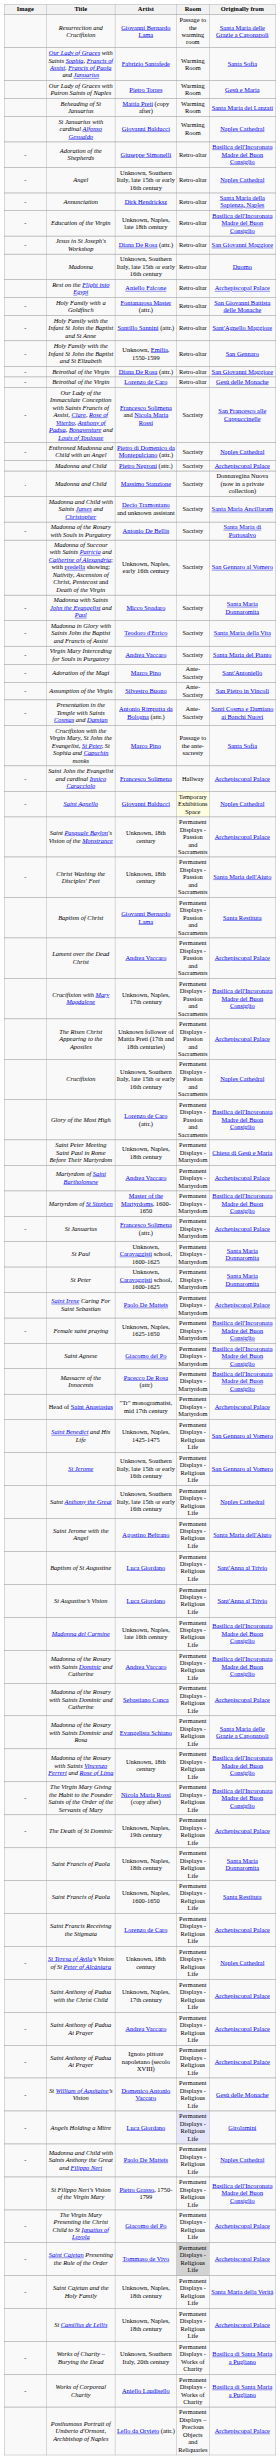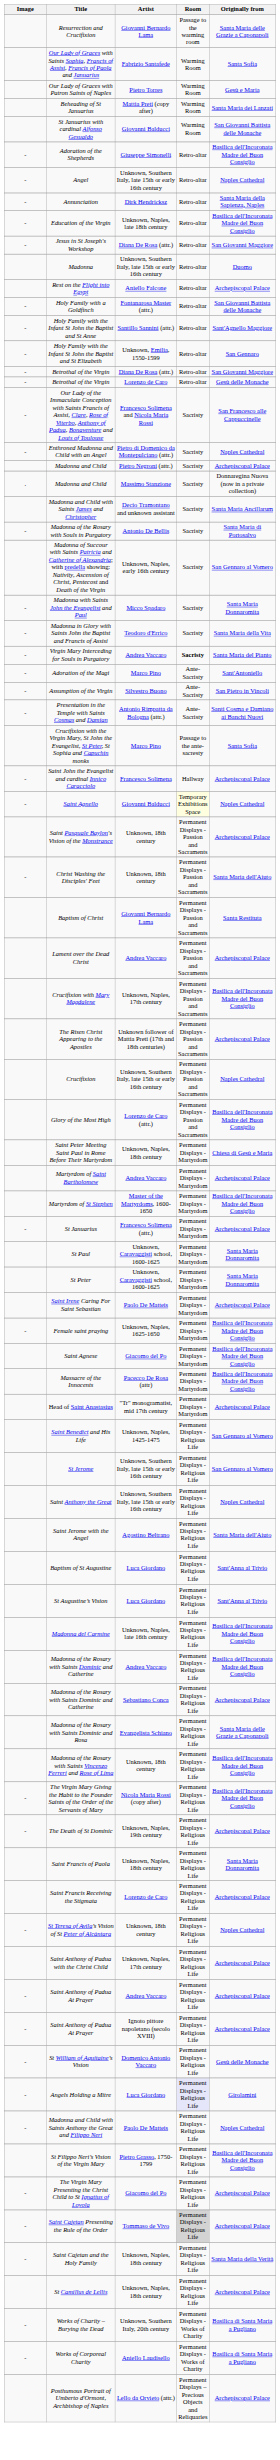 <table class="wikitable" width="99%" style="font-size:91%">
 <tr>
 <th width="16%">Image</th>
 <th width="26%">Title</th>
 <th width="23%">Artist</th>
 <th width="10">Room</th>
 <th width="25%">Originally from</th>
 </tr>
 <tr>
 </tr>
 <tr align=center>
 <td></td>
 <td><em>Resurrection and Crucifixion</em></td>
 <td><a href='#'>Giovanni Bernardo Lama</a></td>
 <td>Passage to the warming room</td>
 <td><a href='#'>Santa Maria delle Grazie a Caponapoli</a></td>
 </tr>
 <tr>
 </tr>
 <tr align=center>
 <td></td>
 <td><em><a href='#'>Our Lady of Graces</a> with Saints <a href='#'>Sophia</a>, <a href='#'>Francis of Assisi</a>, <a href='#'>Francis of Paola</a> and <a href='#'>Januarius</a></em></td>
 <td><a href='#'>Fabrizio Santafede</a></td>
 <td>Warming Room</td>
 <td><a href='#'>Santa Sofia</a></td>
 </tr>
 <tr>
 </tr>
 <tr align=center>
 <td></td>
 <td><em>Our Lady of Graces with Patron Saints of Naples</em></td>
 <td><a href='#'>Pietro Torres</a></td>
 <td>Warming Room</td>
 <td><a href='#'>Gesù e Maria</a></td>
 </tr>
 <tr>
 </tr>
 <tr align=center>
 <td></td>
 <td><em>Beheading of St Januarius</em></td>
 <td><a href='#'>Mattia Preti</a> (copy after)</td>
 <td>Warming Room</td>
 <td><a href='#'>Santa Maria dei Lanzati</a></td>
 </tr>
 <tr>
 </tr>
 <tr align=center>
 <td></td>
 <td><em>St Januarius with cardinal <a href='#'>Alfonso Gesualdo</a></em></td>
 <td><a href='#'>Giovanni Balducci</a></td>
 <td>Warming Room</td>
-<td><a href='#'>Naples Cathedral</a></td>
+<td><a href='#'>San Giovanni Battista delle Monache</a></td>
 </tr>
 <tr>
 </tr>
 <tr align=center>
 <td>-</td>
 <td><em>Adoration of the Shepherds</em></td>
 <td><a href='#'>Giuseppe Simonelli</a></td>
 <td>Retro-altar</td>
 <td><a href='#'>Basilica dell'Incoronata Madre del Buon Consiglio</a></td>
 </tr>
 <tr>
 </tr>
 <tr align=center>
 <td>-</td>
 <td><em>Angel</em></td>
 <td>Unknown, Southern Italy, late 15th or early 16th century</td>
 <td>Retro-altar</td>
 <td><a href='#'>Naples Cathedral</a></td>
 </tr>
 <tr>
 </tr>
 <tr align=center>
 <td>-</td>
 <td><em>Annunciation</em></td>
 <td><a href='#'>Dirk Hendricksz</a></td>
 <td>Retro-altar</td>
 <td><a href='#'>Santa Maria della Sapienza, Naples</a></td>
 </tr>
 <tr>
 </tr>
 <tr align=center>
 <td>-</td>
 <td><em>Education of the Virgin</em></td>
 <td>Unknown, Naples, late 18th century</td>
 <td>Retro-altar</td>
 <td><a href='#'>Basilica dell'Incoronata Madre del Buon Consiglio</a></td>
 </tr>
 <tr>
 </tr>
 <tr align=center>
 <td>-</td>
 <td><em>Jesus in St Joseph's Workshop</em></td>
 <td><a href='#'>Diana De Rosa</a> (attr.)</td>
 <td>Retro-altar</td>
 <td><a href='#'>San Giovanni Maggiore</a></td>
 </tr>
 <tr>
 </tr>
 <tr align=center>
 <td></td>
 <td><em>Madonna</em></td>
 <td>Unknown, Southern Italy, late 15th or early 16th century</td>
 <td>Retro-altar</td>
 <td><a href='#'>Duomo</a></td>
 </tr>
 <tr>
 </tr>
 <tr align=center>
 <td></td>
 <td><em>Rest on the <a href='#'>Flight into Egypt</a></em></td>
 <td><a href='#'>Aniello Falcone</a></td>
 <td>Retro-altar</td>
 <td><a href='#'>Archepiscopal Palace</a></td>
 </tr>
 <tr>
 </tr>
 <tr align=center>
 <td>-</td>
 <td><em>Holy Family with a Goldfinch</em></td>
 <td><a href='#'>Fontanarosa Master</a> (attr.)</td>
 <td>Retro-altar</td>
 <td><a href='#'>San Giovanni Battista delle Monache</a></td>
 </tr>
 <tr>
 </tr>
 <tr align=center>
 <td>-</td>
 <td><em>Holy Family with the Infant St John the Baptist and St Anne</em></td>
 <td><a href='#'>Santillo Sannini</a> (attr.)</td>
 <td>Retro-altar</td>
 <td><a href='#'>Sant'Agnello Maggiore</a></td>
 </tr>
 <tr>
 </tr>
 <tr align=center>
 <td>-</td>
 <td><em>Holy Family with the Infant St John the Baptist and St Elizabeth</em></td>
 <td>Unknown, <a href='#'>Emilia</a>, 1550-1599</td>
 <td>Retro-altar</td>
 <td><a href='#'>San Gennaro</a></td>
 </tr>
 <tr>
 </tr>
 <tr align=center>
 <td>-</td>
 <td><em>Betrothal of the Virgin</em></td>
 <td><a href='#'>Diana De Rosa</a> (attr.)</td>
 <td>Retro-altar</td>
 <td><a href='#'>San Giovanni Maggiore</a></td>
 </tr>
 <tr>
 </tr>
 <tr align=center>
 <td>-</td>
 <td><em>Betrothal of the Virgin</em></td>
 <td><a href='#'>Lorenzo de Caro</a></td>
 <td>Retro-altar</td>
 <td><a href='#'>Gesù delle Monache</a></td>
 </tr>
 <tr>
 </tr>
 <tr align=center>
 <td>-</td>
 <td><em>Our Lady of the Immaculate Conception with Saints Francis of Assisi, <a href='#'>Clare</a>, <a href='#'>Rose of Viterbo</a>, <a href='#'>Anthony of Padua</a>, <a href='#'>Bonaventure</a> and <a href='#'>Louis of Toulouse</a></em></td>
 <td><a href='#'>Francesco Solimena</a> and <a href='#'>Nicola Maria Rossi</a></td>
 <td>Sacristy</td>
 <td><a href='#'>San Francesco alle Cappuccinelle</a></td>
 </tr>
 <tr>
 </tr>
 <tr align=center>
 <td>-</td>
 <td><em>Enthroned Madonna and Child with an Angel</em></td>
 <td><a href='#'>Pietro di Domenico da Montepulciano</a> (attr.)</td>
 <td>Sacristy</td>
 <td><a href='#'>Naples Cathedral</a></td>
 </tr>
 <tr>
 </tr>
 <tr align=center>
 <td></td>
 <td><em>Madonna and Child</em></td>
 <td><a href='#'>Pietro Negroni</a> (attr.)</td>
 <td>Sacristy</td>
 <td><a href='#'>Archepiscopal Palace</a></td>
 </tr>
 <tr>
 </tr>
 <tr align=center>
 <td>.</td>
 <td><em>Madonna and Child</em></td>
 <td><a href='#'>Massimo Stanzione</a></td>
 <td>Sacristy</td>
 <td>Donnaregina Nuova (now in a private collection)</td>
 </tr>
 <tr>
 </tr>
 <tr align=center>
 <td></td>
 <td><em>Madonna and Child with Saints <a href='#'>James</a> and <a href='#'>Christopher</a></em></td>
 <td><a href='#'>Decio Tramontano</a> and unknown assistant</td>
 <td>Sacristy</td>
 <td><a href='#'>Santa Maria Ancillarum</a></td>
 </tr>
 <tr>
 </tr>
 <tr align=center>
 <td>-</td>
 <td><em>Madonna of the Rosary with Souls in Purgatory</em></td>
 <td><a href='#'>Antonio De Bellis</a></td>
 <td>Sacristy</td>
 <td><a href='#'>Santa Maria di Portosalvo</a></td>
 </tr>
 <tr>
 </tr>
 <tr align=center>
 <td></td>
 <td><em>Madonna of Succour with Saints <a href='#'>Patricia</a> and <a href='#'>Catherine of Alexandria</a></em>; with <a href='#'>predella</a> showing: <em>Nativity</em>, <em>Ascension of Christ</em>, <em>Pentecost</em> and <em>Death of the Virgin</em></td>
 <td>Unknown, Naples, early 16th century</td>
 <td>Sacristy</td>
 <td><a href='#'>San Gennaro al Vomero</a></td>
 </tr>
 <tr>
 </tr>
 <tr align=center>
 <td>-</td>
 <td><em>Madonna with Saints <a href='#'>John the Evangelist</a> and <a href='#'>Paul</a></em></td>
 <td><a href='#'>Micco Spadaro</a></td>
 <td>Sacristy</td>
 <td><a href='#'>Santa Maria Donnaromita</a></td>
 </tr>
 <tr>
 </tr>
 <tr align=center>
 <td>-</td>
 <td><em>Madonna in Glory with Saints John the Baptist and Francis of Assisi</em></td>
 <td><a href='#'>Teodoro d'Errico</a></td>
 <td>Sacristy</td>
 <td><a href='#'>Santa Maria della Vita</a></td>
 </tr>
 <tr>
 </tr>
 <tr align=center>
 <td>-</td>
 <td><em>Virgin Mary Interceding for Souls in Purgatory</em></td>
 <td><a href='#'>Andrea Vaccaro</a></td>
-<td>Sacristy</td>
+<td><strong>Sacristy</strong></td>
 <td><a href='#'>Santa Maria del Pianto</a></td>
 </tr>
 <tr>
 </tr>
 <tr align=center>
 <td>-</td>
 <td><em>Adoration of the Magi</em></td>
 <td><a href='#'>Marco Pino</a></td>
 <td>Ante-Sacristy</td>
 <td><a href='#'>Sant'Antoniello</a></td>
 </tr>
 <tr>
 </tr>
 <tr align=center>
 <td>-</td>
 <td><em>Assumption of the Virgin</em></td>
 <td><a href='#'>Silvestro Buono</a></td>
 <td>Ante-Sacristy</td>
 <td><a href='#'>San Pietro in Vincoli</a></td>
 </tr>
 <tr>
 </tr>
 <tr align=center>
 <td>-</td>
 <td><em>Presentation in the Temple with Saints <a href='#'>Cosmas</a> and <a href='#'>Damian</a></em></td>
 <td><a href='#'>Antonio Rimpatta da Bologna</a> (attr.)</td>
 <td>Ante-Sacristy</td>
 <td><a href='#'>Santi Cosma e Damiano ai Banchi Nuovi</a></td>
 </tr>
 <tr>
 </tr>
 <tr align=center>
 <td></td>
 <td><em>Crucifixion with the Virgin Mary, St John the Evangelist, <a href='#'>St Peter</a>, St Sophia and <a href='#'>Capuchin</a> monks</em></td>
 <td><a href='#'>Marco Pino</a></td>
 <td>Passage to the ante-sacresty</td>
 <td><a href='#'>Santa Sofia</a></td>
 </tr>
 <tr>
 </tr>
 <tr align=center>
 <td>-</td>
 <td><em>Saint John the Evangelist and cardinal <a href='#'>Innico Caracciolo</a></em></td>
 <td><a href='#'>Francesco Solimena</a></td>
 <td>Hallway</td>
 <td><a href='#'>Archepiscopal Palace</a></td>
 </tr>
 <tr>
 </tr>
 <tr align=center>
 <td>-</td>
 <td><em><a href='#'>Saint Agnello</a></em></td>
 <td><a href='#'>Giovanni Balducci</a></td>
 <td style="background: lightyellow;">Temporary Exhibitions Space</td>
 <td><a href='#'>Naples Cathedral</a></td>
 </tr>
 <tr>
 </tr>
 <tr align=center>
 <td></td>
 <td><em>Saint <a href='#'>Pasquale Baylon</a>'s Vision of the <a href='#'>Monstrance</a></em></td>
 <td>Unknown, 18th century</td>
 <td>Permanent Displays - Passion and Sacraments</td>
 <td><a href='#'>Archepiscopal Palace</a></td>
 </tr>
 <tr>
 </tr>
 <tr align=center>
 <td>-</td>
 <td><em>Christ Washing the Disciples' Feet</em></td>
 <td>Unknown, 18th century</td>
 <td>Permanent Displays - Passion and Sacraments</td>
 <td><a href='#'>Santa Maria dell'Aiuto</a></td>
 </tr>
 <tr>
 </tr>
 <tr align=center>
 <td></td>
 <td><em>Baptism of Christ</em></td>
 <td><a href='#'>Giovanni Bernardo Lama</a></td>
 <td>Permanent Displays - Passion and Sacraments</td>
 <td><a href='#'>Santa Restituta</a></td>
 </tr>
 <tr>
 </tr>
 <tr align=center>
 <td></td>
 <td><em>Lament over the Dead Christ</em></td>
 <td><a href='#'>Andrea Vaccaro</a></td>
 <td>Permanent Displays - Passion and Sacraments</td>
 <td><a href='#'>Archepiscopal Palace</a></td>
 </tr>
 <tr>
 </tr>
 <tr align=center>
 <td></td>
 <td><em>Crucifixion with <a href='#'>Mary Magdalene</a></em></td>
 <td>Unknown, Naples, 17th century</td>
 <td>Permanent Displays - Passion and Sacraments</td>
 <td><a href='#'>Basilica dell'Incoronata Madre del Buon Consiglio</a></td>
 </tr>
 <tr>
 </tr>
 <tr align=center>
 <td></td>
 <td><em>The Risen Christ Appearing to the Apostles</em></td>
 <td>Unknown follower of Mattia Preti (17th and 18th centuries)</td>
 <td>Permanent Displays - Passion and Sacraments</td>
 <td><a href='#'>Archepiscopal Palace</a></td>
 </tr>
 <tr>
 </tr>
 <tr align=center>
 <td></td>
 <td><em>Crucifixion</em></td>
 <td>Unknown, Southern Italy, late 15th or early 16th century</td>
 <td>Permanent Displays - Passion and Sacraments</td>
 <td><a href='#'>Naples Cathedral</a></td>
 </tr>
 <tr>
 </tr>
 <tr align=center>
 <td></td>
 <td><em>Glory of the Most High</em></td>
 <td><a href='#'>Lorenzo de Caro</a> (attr.)</td>
 <td>Permanent Displays - Passion and Sacraments</td>
 <td><a href='#'>Basilica dell'Incoronata Madre del Buon Consiglio</a></td>
 </tr>
 <tr>
 </tr>
 <tr align=center>
 <td></td>
 <td><em>Saint Peter Meeting Saint Paul in Rome Before Their Martyrdom</em></td>
 <td>Unknown, Naples, 18th century</td>
 <td>Permanent Displays - Martyrdom</td>
 <td><a href='#'>Chiesa di Gesù e Maria</a></td>
 </tr>
 <tr>
 </tr>
 <tr align=center>
 <td></td>
 <td><em>Martyrdom of <a href='#'>Saint Bartholomew</a></em></td>
 <td><a href='#'>Andrea Vaccaro</a></td>
 <td>Permanent Displays - Martyrdom</td>
 <td><a href='#'>Archepiscopal Palace</a></td>
 </tr>
 <tr>
 </tr>
 <tr align=center>
 <td></td>
 <td><em>Martyrdom of <a href='#'>St Stephen</a></em></td>
 <td><a href='#'>Master of the Martyrdoms</a>, 1600-1650</td>
 <td>Permanent Displays - Martyrdom</td>
 <td><a href='#'>Basilica dell'Incoronata Madre del Buon Consiglio</a></td>
 </tr>
 <tr>
 </tr>
 <tr align=center>
 <td>-</td>
 <td><em>St Januarius</em></td>
 <td><a href='#'>Francesco Solimena</a> (attr.)</td>
 <td>Permanent Displays - Martyrdom</td>
 <td><a href='#'>Archepiscopal Palace</a></td>
 </tr>
 <tr>
 </tr>
 <tr align=center>
 <td></td>
 <td><em>St Paul</em></td>
 <td>Unknown, <a href='#'>Caravaggisti</a> school, 1600-1625</td>
 <td>Permanent Displays - Martyrdom</td>
 <td><a href='#'>Santa Maria Donnaromita</a></td>
 </tr>
 <tr>
 </tr>
 <tr align=center>
 <td></td>
 <td><em>St Peter</em></td>
 <td>Unknown, <a href='#'>Caravaggisti</a> school, 1600-1625</td>
 <td>Permanent Displays - Martyrdom</td>
 <td><a href='#'>Santa Maria Donnaromita</a></td>
 </tr>
 <tr>
 </tr>
 <tr align=center>
 <td></td>
 <td><em><a href='#'>Saint Irene</a> Caring For Saint Sebastian</em></td>
 <td><a href='#'>Paolo De Matteis</a></td>
 <td>Permanent Displays - Martyrdom</td>
 <td><a href='#'>Archepiscopal Palace</a></td>
 </tr>
 <tr>
 </tr>
 <tr align=center>
 <td>-</td>
 <td><em>Female saint praying</em></td>
 <td>Unknown, Naples, 1625-1650</td>
 <td>Permanent Displays - Martyrdom</td>
 <td><a href='#'>Basilica dell'Incoronata Madre del Buon Consiglio</a></td>
 </tr>
 <tr>
 </tr>
 <tr align=center>
 <td></td>
 <td><em>Saint Agnese</em></td>
 <td><a href='#'>Giacomo del Po</a></td>
 <td>Permanent Displays - Martyrdom</td>
 <td><a href='#'>Basilica dell'Incoronata Madre del Buon Consiglio</a></td>
 </tr>
 <tr>
 </tr>
 <tr align=center>
 <td></td>
 <td><em>Massacre of the Innocents</em></td>
 <td><a href='#'>Pacecco De Rosa</a> (attr)</td>
 <td>Permanent Displays - Martyrdom</td>
 <td><a href='#'>Basilica dell'Incoronata Madre del Buon Consiglio</a></td>
 </tr>
 <tr>
 </tr>
 <tr align=center>
 <td></td>
 <td>Head of <a href='#'>Saint Anastasius</a></td>
 <td>"Tr" monogramatist, mid 17th century</td>
 <td>Permanent Displays - Martyrdom</td>
 <td><a href='#'>Archepiscopal Palace</a></td>
 </tr>
 <tr>
 </tr>
 <tr align=center>
 <td></td>
 <td><em><a href='#'>Saint Benedict</a> and His Life</em></td>
 <td>Unknown, Naples, 1425-1475</td>
 <td>Permanent Displays - Religious Life</td>
 <td><a href='#'>San Gennaro al Vomero</a></td>
 </tr>
 <tr>
 </tr>
 <tr align=center>
 <td></td>
 <td><em><a href='#'>St Jerome</a></em></td>
 <td>Unknown, Southern Italy, late 15th or early 16th century</td>
 <td>Permanent Displays - Religious Life</td>
 <td><a href='#'>San Gennaro al Vomero</a></td>
 </tr>
 <tr>
 </tr>
 <tr align=center>
 <td></td>
 <td><em>Saint <a href='#'>Anthony the Great</a></em></td>
 <td>Unknown, Southern Italy, late 15th or early 16th century</td>
 <td>Permanent Displays - Religious Life</td>
 <td><a href='#'>Naples Cathedral</a></td>
 </tr>
 <tr>
 </tr>
 <tr align=center>
 <td></td>
 <td><em>Saint Jerome with the Angel</em></td>
 <td><a href='#'>Agostino Beltrano</a></td>
 <td>Permanent Displays - Religious Life</td>
 <td><a href='#'>Santa Maria dell'Aiuto</a></td>
 </tr>
 <tr>
 </tr>
 <tr align=center>
 <td></td>
 <td><em>Baptism of St Augustine</em></td>
 <td><a href='#'>Luca Giordano</a></td>
 <td>Permanent Displays - Religious Life</td>
 <td><a href='#'>Sant'Anna al Trivio</a></td>
 </tr>
 <tr>
 </tr>
 <tr align=center>
 <td></td>
 <td><em>St Augustine’s Vision</em></td>
 <td><a href='#'>Luca Giordano</a></td>
 <td>Permanent Displays - Religious Life</td>
 <td><a href='#'>Sant'Anna al Trivio</a></td>
 </tr>
 <tr>
 </tr>
 <tr align=center>
 <td></td>
 <td><em><a href='#'>Madonna del Carmine</a></em></td>
 <td>Unknown, Naples, late 16th century</td>
 <td>Permanent Displays - Religious Life</td>
 <td><a href='#'>Basilica dell'Incoronata Madre del Buon Consiglio</a></td>
 </tr>
 <tr>
 </tr>
 <tr align=center>
 <td></td>
 <td><em>Madonna of the Rosary with Saints <a href='#'>Dominic</a> and Catherine</em></td>
 <td><a href='#'>Andrea Vaccaro</a></td>
 <td>Permanent Displays - Religious Life</td>
 <td><a href='#'>Basilica dell'Incoronata Madre del Buon Consiglio</a></td>
 </tr>
 <tr>
 </tr>
 <tr align=center>
 <td></td>
 <td><em>Madonna of the Rosary with Saints Dominic and Catherine</em></td>
 <td><a href='#'>Sebastiano Conca</a></td>
 <td>Permanent Displays - Religious Life</td>
 <td><a href='#'>Archepiscopal Palace</a></td>
 </tr>
 <tr>
 </tr>
 <tr align=center>
 <td></td>
 <td><em>Madonna of the Rosary with Saints Dominic and Rosa</em></td>
 <td><a href='#'>Evangelista Schiano</a></td>
 <td>Permanent Displays - Religious Life</td>
 <td><a href='#'>Santa Maria delle Grazie a Caponapoli</a></td>
 </tr>
 <tr>
 </tr>
 <tr align=center>
 <td></td>
 <td><em>Madonna of the Rosary with Saints <a href='#'>Vincenzo Ferreri</a> and <a href='#'>Rose of Lima</a> </em></td>
 <td>Unknown, 18th century</td>
 <td>Permanent Displays - Religious Life</td>
 <td><a href='#'>Basilica dell'Incoronata Madre del Buon Consiglio</a></td>
 </tr>
 <tr>
 </tr>
 <tr align=center>
 <td>-</td>
 <td><em>The Virgin Mary Giving the Habit to the Founder Saints of the Order of the Servants of Mary</em></td>
 <td><a href='#'>Nicola Maria Rossi</a> (copy after)</td>
 <td>Permanent Displays - Religious Life</td>
 <td><a href='#'>Basilica dell'Incoronata Madre del Buon Consiglio</a></td>
 </tr>
 <tr>
 </tr>
 <tr align=center>
 <td>-</td>
 <td><em>The Death of St Dominic</em></td>
 <td>Unknown, Naples, 19th century</td>
 <td>Permanent Displays - Religious Life</td>
 <td><a href='#'>Archepiscopal Palace</a></td>
 </tr>
 <tr>
 </tr>
 <tr align=center>
 <td></td>
 <td><em>Saint Francis of Paola</em></td>
 <td>Unknown, Naples, 18th century</td>
 <td>Permanent Displays - Religious Life</td>
 <td><a href='#'>Santa Maria Donnaromita</a></td>
 </tr>
 <tr>
 </tr>
-<tr align=center>
-<td></td>
-<td><em>Saint Francis of Paola</em></td>
-<td>Unknown, Naples, 1600-1650</td>
-<td>Permanent Displays - Religious Life</td>
-<td><a href='#'>Santa Restituta</a></td>
-</tr>
 <tr>
 </tr>
 <tr align=center>
 <td></td>
 <td><em>Saint Francis Receiving the Stigmata</em></td>
 <td><a href='#'>Lorenzo de Caro</a></td>
 <td>Permanent Displays - Religious Life</td>
 <td><a href='#'>Archepiscopal Palace</a></td>
 </tr>
 <tr>
 </tr>
 <tr align=center>
 <td>-</td>
 <td><em><a href='#'>St Teresa of Avila</a>’s Vision of St <a href='#'>Peter of Alcàntara</a></em></td>
 <td>Unknown, 18th century</td>
 <td>Permanent Displays - Religious Life</td>
 <td><a href='#'>Naples Cathedral</a></td>
 </tr>
 <tr>
 </tr>
 <tr align=center>
 <td></td>
 <td><em>Saint Anthony of Padua with the Christ Child</em></td>
 <td>Unknown, Naples, 17th century</td>
 <td>Permanent Displays - Religious Life</td>
 <td><a href='#'>Archepiscopal Palace</a></td>
 </tr>
 <tr>
 </tr>
 <tr align=center>
 <td>-</td>
 <td><em>Saint Anthony of Padua At Prayer</em></td>
 <td><a href='#'>Andrea Vaccaro</a></td>
 <td>Permanent Displays - Religious Life</td>
 <td><a href='#'>Archepiscopal Palace</a></td>
 </tr>
 <tr>
 </tr>
 <tr align=center>
 <td>-</td>
 <td><em>Saint Anthony of Padua At Prayer</em></td>
 <td>Ignoto pittore napoletano (secolo XVIII)</td>
 <td>Permanent Displays - Religious Life</td>
 <td><a href='#'>Archepiscopal Palace</a></td>
 </tr>
 <tr>
 </tr>
 <tr align=center>
 <td>-</td>
 <td><em>St <a href='#'>William of Aquitaine</a>’s Vision</em></td>
 <td><a href='#'>Domenico Antonio Vaccaro</a></td>
 <td>Permanent Displays - Religious Life</td>
 <td><a href='#'>Gesù delle Monache</a></td>
 </tr>
 <tr>
 </tr>
 <tr align=center>
 <td>-</td>
 <td><em>Angels Holding a Mitre</em></td>
 <td><a href='#'>Luca Giordano</a></td>
 <td style="background: lavender;">Permanent Displays - Religious Life</td>
 <td><a href='#'>Girolamini</a></td>
 </tr>
 <tr>
 </tr>
 <tr align=center>
 <td>-</td>
 <td><em>Madonna and Child with Saints Anthony the Great and <a href='#'>Filippo Neri</a></em></td>
 <td><a href='#'>Paolo De Matteis</a></td>
 <td>Permanent Displays - Religious Life</td>
 <td><a href='#'>Naples Cathedral</a></td>
 </tr>
 <tr>
 </tr>
 <tr align=center>
 <td></td>
 <td><em> St Filippo Neri’s Vision of the Virgin Mary</em></td>
 <td><a href='#'>Pietro Grasso</a>, 1750-1799</td>
 <td>Permanent Displays - Religious Life</td>
 <td><a href='#'>Basilica dell'Incoronata Madre del Buon Consiglio</a></td>
 </tr>
 <tr>
 </tr>
 <tr align=center>
 <td>-</td>
 <td><em>The Virgin Mary Presenting the Christ Child to St <a href='#'>Ignatius of Loyola</a></em></td>
 <td><a href='#'>Giacomo del Po</a></td>
 <td>Permanent Displays - Religious Life</td>
 <td><a href='#'>Archepiscopal Palace</a></td>
 </tr>
 <tr>
 </tr>
 <tr align=center>
 <td>-</td>
 <td><em><a href='#'>Saint Cajetan</a> Presenting the Rule of the Order</em></td>
 <td><a href='#'>Tommaso de Vivo</a></td>
 <td style="background: lightgrey;">Permanent Displays - Religious Life</td>
 <td><a href='#'>Archepiscopal Palace</a></td>
 </tr>
 <tr>
 </tr>
 <tr align=center>
 <td>-</td>
 <td><em>Saint Cajetan and the Holy Family</em></td>
 <td>Unknown, Naples, 18th century</td>
 <td>Permanent Displays - Religious Life</td>
 <td><a href='#'>Santa Maria della Verità</a></td>
 </tr>
 <tr>
 </tr>
 <tr align=center>
 <td></td>
 <td><em>St <a href='#'>Camillus de Lellis</a></em></td>
 <td>Unknown, Naples, 18th century</td>
 <td>Permanent Displays - Religious Life</td>
 <td><a href='#'>Archepiscopal Palace</a></td>
 </tr>
 <tr>
 </tr>
 <tr align=center>
 <td>-</td>
 <td><em>Works of Charity – Burying the Dead</em></td>
 <td>Unknown, Southern Italy, 20th century</td>
 <td>Permanent Displays - Works of Charity</td>
 <td><a href='#'>Basilica di Santa Maria a Pugliano</a></td>
 </tr>
 <tr>
 </tr>
 <tr align=center>
 <td>-</td>
 <td><em>Works of Corporeal Charity</em></td>
 <td><a href='#'>Aniello Laudisello</a></td>
 <td>Permanent Displays - Works of Charity</td>
 <td><a href='#'>Basilica di Santa Maria a Pugliano</a></td>
 </tr>
 <tr>
 </tr>
 <tr align=center>
 <td></td>
 <td><em>Posthumous Portrait of Umberto d'Ormont, Archbishop of Naples</em></td>
 <td><a href='#'>Lello da Orvieto</a> (attr.)</td>
 <td>Permanent Displays – Precious Objects and Reliquaries</td>
 <td><a href='#'>Archepiscopal Palace</a></td>
 </tr>
 </table>
